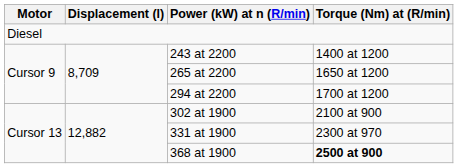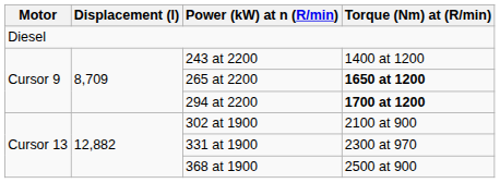 <table class="wikitable">
 <tr>
 <th>Motor</th>
 <th>Displacement (l)</th>
 <th>Power (kW) at n (<a href='#'>R/min</a>)</th>
 <th>Torque (Nm) at (R/min)</th>
 </tr>
 <tr class="hintergrundfarbe8">
 <td colspan="4">Diesel</td>
 </tr>
 <tr>
 <td rowspan="3">Cursor 9</td>
 <td rowspan="3">8,709</td>
 <td>243 at 2200</td>
 <td>1400 at 1200</td>
 </tr>
 <tr>
 <td>265 at 2200</td>
-<td>1650 at 1200</td>
+<td><strong>1650 at 1200</strong></td>
 </tr>
 <tr>
 <td>294 at 2200</td>
-<td>1700 at 1200</td>
+<td><strong>1700 at 1200</strong></td>
 </tr>
 <tr>
 <td rowspan="4">Cursor 13</td>
 <td rowspan="4">12,882</td>
 <td>302 at 1900</td>
 <td>2100 at 900</td>
 </tr>
 <tr>
 <td>331 at 1900</td>
 <td>2300 at 970</td>
 </tr>
 <tr>
 <td>368 at 1900</td>
-<td><strong>2500 at 900</strong></td>
+<td>2500 at 900</td>
 </tr>
 </table>
